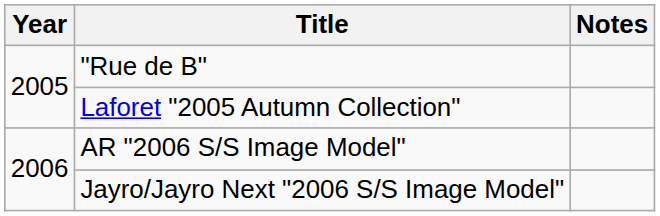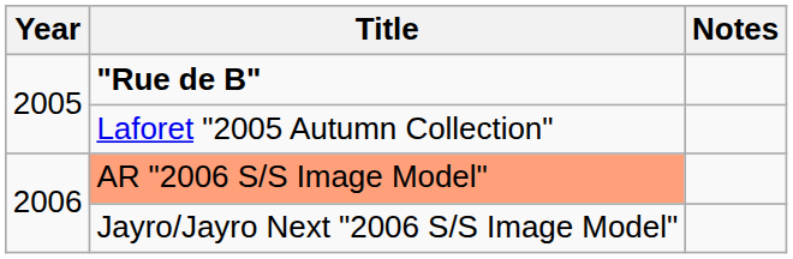 <table class="wikitable">
 <tr>
 <th>Year</th>
 <th>Title</th>
 <th>Notes</th>
 </tr>
 <tr>
 <td rowspan="2">2005</td>
-<td>"Rue de B"</td>
+<td><strong>"Rue de B"</strong></td>
 <td></td>
 </tr>
 <tr>
 <td><a href='#'>Laforet</a> "2005 Autumn Collection"</td>
 <td></td>
 </tr>
 <tr>
 <td rowspan="2">2006</td>
-<td>AR "2006 S/S Image Model"</td>
+<td style="background: lightsalmon;">AR "2006 S/S Image Model"</td>
 <td></td>
 </tr>
 <tr>
 <td>Jayro/Jayro Next "2006 S/S Image Model"</td>
 <td></td>
 </tr>
 </table>
